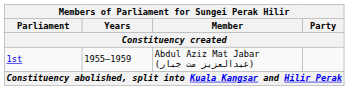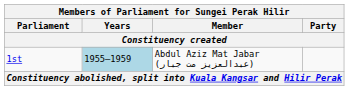 <table class="wikitable">
 <tr>
 <th colspan="4">Members of Parliament for Sungei Perak Hilir</th>
 </tr>
 <tr>
 <th>Parliament</th>
 <th>Years</th>
 <th>Member</th>
 <th>Party</th>
 </tr>
 <tr>
 <th colspan="4"><em>Constituency created</em></th>
 </tr>
 <tr>
 <td><a href='#'>1st</a></td>
-<td>1955–1959</td>
+<td style="background: lightblue;">1955–1959</td>
 <td>Abdul Aziz Mat Jabar  <br>(عبدالعزيز مت جبار)</td>
 <td></td>
 </tr>
 <tr>
 <th colspan="4"><em>Constituency abolished, split into <a href='#'>Kuala Kangsar</a> and <a href='#'>Hilir Perak</a> </em></th>
 </tr>
 </table>
